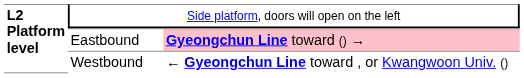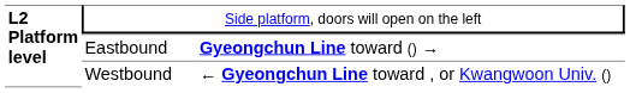 <table table border=0 cellspacing=0 cellpadding=3>
 <tr>
 <td style="border-top:solid 1px gray;border-bottom:solid 1px gray;" width=50 rowspan=10 valign=top><strong>L2<br>Platform level</strong></td>
 <td style="border-top:solid 1px gray;border-right:solid 2px black;border-left:solid 2px black;border-bottom:solid 2px black;text-align:center;" colspan=2><small><a href='#'>Side platform</a>, doors will open on the left</small></td>
 </tr>
 <tr>
 <td style="border-bottom:solid 0px gray;border-top:solid 1px gray;" width=100>Eastbound</td>
-<td style="background: pink; border-bottom:solid 0px gray;border-top:solid 1px gray;" width=390> <a href='#'><span><strong>Gyeongchun Line</strong></span></a> toward  <small>()</small> →</td>
+<td style="border-bottom:solid 0px gray;border-top:solid 1px gray;" width=390> <a href='#'><span><strong>Gyeongchun Line</strong></span></a> toward  <small>()</small> →</td>
 </tr>
 <tr>
 <td style="border-bottom:solid 0px gray;border-top:solid 1px gray;" width=100>Westbound</td>
 <td style="border-bottom:solid 0px gray;border-top:solid 1px gray;" width=390>← <a href='#'><span><strong>Gyeongchun Line</strong></span></a> toward ,  or <a href='#'>Kwangwoon Univ.</a> <small>()</small></td>
 </tr>
 <tr>
 </tr>
 </table>
